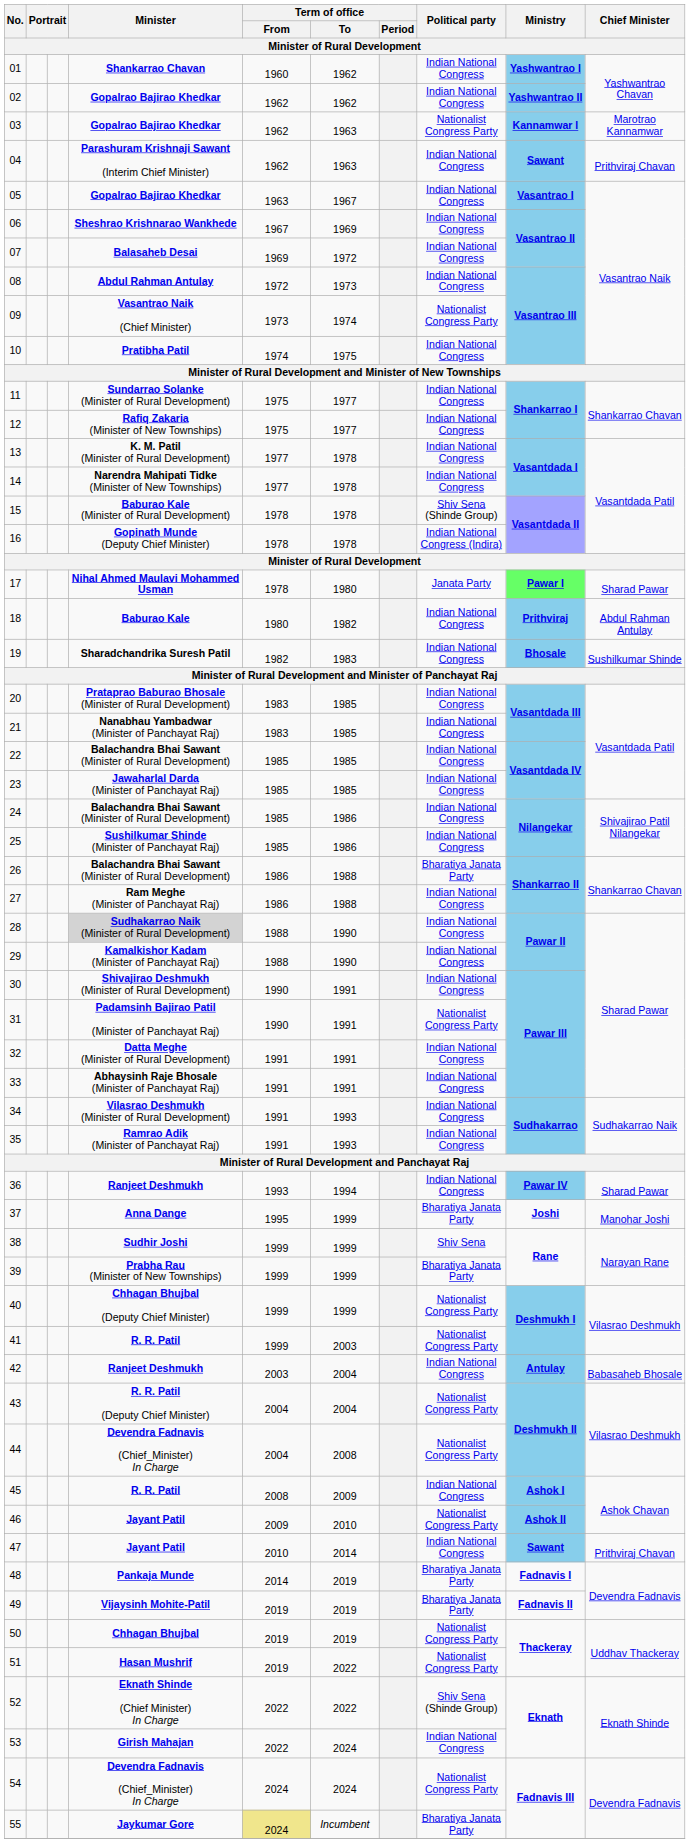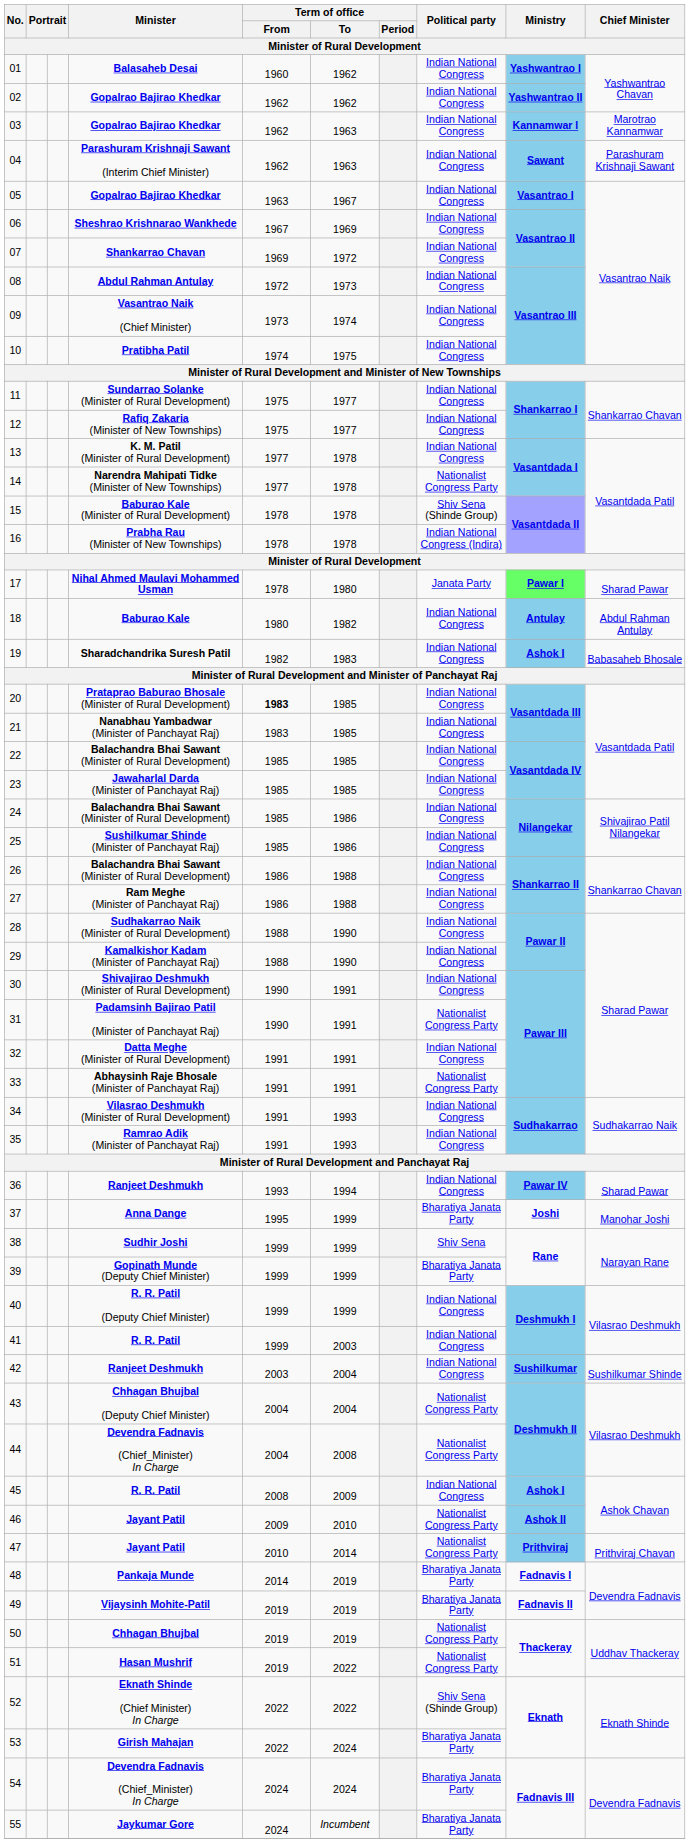 <table class="wikitable" style="text-align:center">
 <tr>
 <th rowspan="2">No.</th>
 <th rowspan="2" colspan="2">Portrait</th>
 <th rowspan="2" style="width:16em">Minister<br></th>
 <th colspan="3">Term of office</th>
 <th rowspan="2" style="width:8em">Political party</th>
 <th rowspan="2">Ministry</th>
 <th rowspan="2" style="width:9em">Chief Minister</th>
 </tr>
 <tr>
 <th style="width:6em">From</th>
 <th style="width:6em">To</th>
 <th>Period</th>
 </tr>
 <tr>
 <th colspan="10">Minister of Rural Development</th>
 </tr>
 <tr>
 <td>01</td>
 <td style="color:inherit;background:"></td>
 <td></td>
-<td><strong><a href='#'>Shankarrao Chavan</a></strong>  <br> </td>
+<td><strong><a href='#'>Balasaheb Desai</a></strong> <br> </td>
 <td><br>1960</td>
 <td><br>1962</td>
 <th></th>
 <td><a href='#'>Indian National Congress</a></td>
 <td bgcolor="#87CEEB"><a href='#'><strong>Yashwantrao I</strong></a></td>
 <td rowspan="2"> <br><a href='#'>Yashwantrao Chavan</a></td>
 </tr>
 <tr>
 <td>02</td>
 <td style="color:inherit;background:"></td>
 <td></td>
 <td><strong><a href='#'>Gopalrao Bajirao Khedkar</a></strong>   <br> </td>
 <td><br>1962</td>
 <td><br>1962</td>
 <th></th>
 <td><a href='#'>Indian National Congress</a></td>
 <td bgcolor="#87CEEB"><a href='#'><strong>Yashwantrao II</strong></a></td>
 </tr>
 <tr>
 <td>03</td>
 <td style="color:inherit;background:"></td>
 <td></td>
 <td><strong><a href='#'>Gopalrao Bajirao Khedkar</a></strong> <br> </td>
 <td><br>1962</td>
 <td><br>1963</td>
 <th></th>
-<td><a href='#'>Nationalist Congress Party</a></td>
+<td><a href='#'>Indian National Congress</a></td>
 <td bgcolor="#87CEEB"><a href='#'><strong>Kannamwar l</strong></a></td>
 <td><a href='#'>Marotrao Kannamwar</a></td>
 </tr>
 <tr>
 <td>04</td>
 <td style="color:inherit;background:"></td>
 <td></td>
 <td><strong><a href='#'>Parashuram Krishnaji Sawant</a></strong> <br>  <br>(Interim Chief Minister)</td>
 <td><br>1962</td>
 <td><br>1963</td>
 <th></th>
 <td><a href='#'>Indian National Congress</a></td>
 <td bgcolor="#87CEEB"><a href='#'><strong>Sawant</strong></a></td>
-<td rowspan="1"><br><a href='#'>Prithviraj Chavan</a></td>
+<td><a href='#'>Parashuram Krishnaji Sawant</a></td>
 </tr>
 <tr>
 <td>05</td>
 <td style="color:inherit;background:"></td>
 <td></td>
 <td><strong><a href='#'>Gopalrao Bajirao Khedkar</a></strong> <br> </td>
 <td><br>1963</td>
 <td><br>1967</td>
 <th></th>
 <td><a href='#'>Indian National Congress</a></td>
 <td bgcolor="#87CEEB"><a href='#'><strong>Vasantrao I</strong></a></td>
 <td rowspan="6"><br><a href='#'>Vasantrao Naik</a></td>
 </tr>
 <tr>
 <td>06</td>
 <td style="color:inherit;background:"></td>
 <td></td>
 <td><strong><a href='#'>Sheshrao Krishnarao Wankhede</a></strong> <br> </td>
 <td><br>1967</td>
 <td><br>1969</td>
 <th></th>
 <td><a href='#'>Indian National Congress</a></td>
 <td rowspan="2" bgcolor="#87CEEB"><a href='#'><strong>Vasantrao II</strong></a></td>
 </tr>
 <tr>
 <td>07</td>
 <td style="color:inherit;background:"></td>
 <td></td>
-<td><strong><a href='#'>Balasaheb Desai</a></strong> <br> </td>
+<td><strong><a href='#'>Shankarrao Chavan</a></strong>  <br> </td>
 <td><br>1969</td>
 <td><br>1972</td>
 <th></th>
 <td><a href='#'>Indian National Congress</a></td>
 </tr>
 <tr>
 <td>08</td>
 <td style="color:inherit;background:"></td>
 <td></td>
 <td><strong><a href='#'>Abdul Rahman Antulay</a></strong> <br> </td>
 <td><br>1972</td>
 <td><br>1973</td>
 <th></th>
 <td><a href='#'>Indian National Congress</a></td>
 <td rowspan="3" bgcolor="#87CEEB"><a href='#'><strong>Vasantrao III</strong></a></td>
 </tr>
 <tr>
 <td>09</td>
 <td style="color:inherit;background:"></td>
 <td></td>
 <td><strong><a href='#'>Vasantrao Naik</a></strong> <br>  <br>(Chief Minister)</td>
 <td><br>1973</td>
 <td><br>1974</td>
 <th></th>
-<td><a href='#'>Nationalist Congress Party</a></td>
+<td><a href='#'>Indian National Congress</a></td>
 </tr>
 <tr>
 <td>10</td>
 <td style="color:inherit;background:"></td>
 <td></td>
 <td><strong><a href='#'>Pratibha Patil</a></strong> <br> </td>
 <td><br>1974</td>
 <td><br>1975</td>
 <th></th>
 <td><a href='#'>Indian National Congress</a></td>
 </tr>
 <tr>
 <th colspan="10">Minister of Rural Development and Minister of New Townships</th>
 </tr>
 <tr>
 <td>11</td>
 <td style="color:inherit;background:"></td>
 <td></td>
 <td><strong><a href='#'>Sundarrao Solanke</a></strong><br> (Minister of Rural Development)<br> </td>
 <td><br>1975</td>
 <td><br>1977</td>
 <th></th>
 <td><a href='#'>Indian National Congress</a></td>
 <td rowspan="2" bgcolor="#87CEEB"><a href='#'><strong>Shankarrao I</strong></a></td>
 <td rowspan="2"><br><a href='#'>Shankarrao Chavan</a></td>
 </tr>
 <tr>
 <td>12</td>
 <td style="color:inherit;background:"></td>
 <td></td>
 <td><strong><a href='#'>Rafiq Zakaria</a></strong> <br> (Minister of New Townships)<br> </td>
 <td><br>1975</td>
 <td><br>1977</td>
 <th></th>
 <td><a href='#'>Indian National Congress</a></td>
 </tr>
 <tr>
 <td>13</td>
 <td style="color:inherit;background:"></td>
 <td></td>
 <td><strong>K. M. Patil</strong> <br> (Minister of Rural Development)<br> </td>
 <td><br>1977</td>
 <td><br>1978</td>
 <th></th>
 <td><a href='#'>Indian National Congress</a></td>
 <td rowspan="2" bgcolor="#88CEEB"><a href='#'><strong>Vasantdada I</strong></a></td>
 <td rowspan="4"><br><a href='#'>Vasantdada Patil</a></td>
 </tr>
 <tr>
 <td>14</td>
 <td style="color:inherit;background:"></td>
 <td></td>
 <td><strong>Narendra Mahipati Tidke</strong><br> (Minister of New Townships)<br> </td>
 <td><br>1977</td>
 <td><br>1978</td>
 <th></th>
-<td><a href='#'>Indian National Congress</a></td>
+<td><a href='#'>Nationalist Congress Party</a></td>
 </tr>
 <tr>
 <td>15</td>
 <td style="color:inherit;background:"></td>
 <td></td>
 <td><strong><a href='#'>Baburao Kale</a></strong> <br> (Minister of Rural Development)<br> </td>
 <td><br>1978</td>
 <td><br>1978</td>
 <th></th>
 <td><a href='#'>Shiv Sena</a> (Shinde Group)</td>
 <td rowspan="2" bgcolor="#A3A3FF"><a href='#'><strong>Vasantdada II</strong></a></td>
 </tr>
 <tr>
 <td>16</td>
 <td style="color:inherit;background:"></td>
 <td></td>
-<td><strong><a href='#'>Gopinath Munde</a></strong> <br>  (Deputy Chief Minister)</td>
+<td><strong><a href='#'>Prabha Rau</a></strong> <br> (Minister of New Townships)<br> </td>
 <td><br>1978</td>
 <td><br>1978</td>
 <th></th>
 <td><a href='#'>Indian National Congress (Indira)</a></td>
 </tr>
 <tr>
 <th colspan="10">Minister of Rural Development</th>
 </tr>
 <tr>
 <td>17</td>
 <td style="color:inherit;background:"></td>
 <td></td>
 <td><strong><a href='#'>Nihal Ahmed Maulavi Mohammed Usman</a></strong> <br> </td>
 <td><br>1978</td>
 <td><br>1980</td>
 <th></th>
 <td><a href='#'>Janata Party</a></td>
 <td rowspan="1" bgcolor="#66FF66"><a href='#'><strong>Pawar I</strong></a></td>
 <td rowspan="1"><br><a href='#'>Sharad Pawar</a></td>
 </tr>
 <tr>
 <td>18</td>
 <td style="color:inherit;background:"></td>
 <td></td>
 <td><strong><a href='#'>Baburao Kale</a></strong>  <br> </td>
 <td><br>1980</td>
 <td><br>1982</td>
 <th></th>
 <td><a href='#'>Indian National Congress</a></td>
-<td rowspan="1" bgcolor="#87CEEB"><a href='#'><strong>Prithviraj</strong></a></td>
+<td rowspan="1" bgcolor="#87CEEB"><a href='#'><strong>Antulay</strong></a></td>
 <td rowspan="1"> <br><a href='#'>Abdul Rahman Antulay</a></td>
 </tr>
 <tr>
 <td>19</td>
 <td style="color:inherit;background:"></td>
 <td></td>
 <td><strong>Sharadchandrika Suresh Patil</strong>  <br> </td>
 <td><br>1982</td>
 <td><br>1983</td>
 <th></th>
 <td><a href='#'>Indian National Congress</a></td>
-<td rowspan="1" bgcolor="#87CEEB"><a href='#'><strong>Bhosale</strong></a></td>
-<td rowspan="1"> <br><a href='#'>Sushilkumar Shinde</a></td>
+<td rowspan="1" bgcolor="#87CEEB"><a href='#'><strong>Ashok I</strong></a></td>
+<td rowspan="1"> <br><a href='#'>Babasaheb Bhosale</a></td>
 </tr>
 <tr>
 <th colspan="10">Minister of Rural Development and Minister of Panchayat Raj</th>
 </tr>
 <tr>
 <td>20</td>
 <td style="color:inherit;background:"></td>
 <td></td>
 <td><strong><a href='#'>Prataprao Baburao Bhosale</a></strong> <br> (Minister of Rural Development)<br> </td>
-<td><br>1983</td>
+<td><strong><br>1983</strong></td>
 <td><br>1985</td>
 <th></th>
 <td><a href='#'>Indian National Congress</a></td>
 <td rowspan="2" bgcolor="#87CEEB"><a href='#'><strong>Vasantdada III</strong></a></td>
 <td rowspan="4"><br><a href='#'>Vasantdada Patil</a></td>
 </tr>
 <tr>
 <td>21</td>
 <td style="color:inherit;background:"></td>
 <td></td>
 <td><strong>Nanabhau Yambadwar</strong> <br> (Minister of Panchayat Raj)<br> </td>
 <td><br>1983</td>
 <td><br>1985</td>
 <th></th>
 <td><a href='#'>Indian National Congress</a></td>
 </tr>
 <tr>
 <td>22</td>
 <td style="color:inherit;background:"></td>
 <td></td>
 <td><strong>Balachandra Bhai Sawant</strong> <br> (Minister of Rural Development)<br> </td>
 <td><br>1985</td>
 <td><br>1985</td>
 <th></th>
 <td><a href='#'>Indian National Congress</a></td>
 <td rowspan="2" bgcolor="#87CEEB"><a href='#'><strong>Vasantdada IV</strong></a></td>
 </tr>
 <tr>
 <td>23</td>
 <td style="color:inherit;background:"></td>
 <td></td>
 <td><strong><a href='#'>Jawaharlal Darda</a></strong>  <br>(Minister of Panchayat Raj)<br> </td>
 <td><br>1985</td>
 <td><br>1985</td>
 <th></th>
 <td><a href='#'>Indian National Congress</a></td>
 </tr>
 <tr>
 <td>24</td>
 <td style="color:inherit;background:"></td>
 <td></td>
 <td><strong>Balachandra Bhai Sawant</strong><br> (Minister of Rural Development)<br> </td>
 <td><br>1985</td>
 <td><br>1986</td>
 <th></th>
 <td><a href='#'>Indian National Congress</a></td>
 <td rowspan="2" bgcolor="#87CEEB"><a href='#'><strong>Nilangekar</strong></a></td>
 <td rowspan="2"><a href='#'>Shivajirao Patil Nilangekar</a></td>
 </tr>
 <tr>
 <td>25</td>
 <td style="color:inherit;background:"></td>
 <td></td>
 <td><strong><a href='#'>Sushilkumar Shinde</a></strong> <br>(Minister of Panchayat Raj)<br> </td>
 <td><br>1985</td>
 <td><br>1986</td>
 <th></th>
 <td><a href='#'>Indian National Congress</a></td>
 </tr>
 <tr>
 <td>26</td>
 <td style="color:inherit;background:"></td>
 <td></td>
 <td><strong>Balachandra Bhai Sawant</strong> <br> (Minister of Rural Development)<br> </td>
 <td><br>1986</td>
 <td><br>1988</td>
 <th></th>
-<td><a href='#'>Bharatiya Janata Party</a></td>
+<td><a href='#'>Indian National Congress</a></td>
 <td rowspan="2"bgcolor="#87CEEB"><a href='#'><strong>Shankarrao II</strong></a></td>
 <td rowspan="2"> <br><a href='#'>Shankarrao Chavan</a></td>
 </tr>
 <tr>
 <td>27</td>
 <td style="color:inherit;background:"></td>
 <td></td>
 <td><strong>Ram Meghe</strong><br>(Minister of Panchayat Raj)<br> </td>
 <td><br>1986</td>
 <td><br>1988</td>
 <th></th>
 <td><a href='#'>Indian National Congress</a></td>
 </tr>
 <tr>
 <td>28</td>
 <td style="color:inherit;background:"></td>
 <td></td>
-<td style="background: lightgrey;"><strong><a href='#'>Sudhakarrao Naik</a></strong><br> (Minister of Rural Development)<br> </td>
+<td><strong><a href='#'>Sudhakarrao Naik</a></strong><br> (Minister of Rural Development)<br> </td>
 <td><br>1988</td>
 <td><br>1990</td>
 <th></th>
 <td><a href='#'>Indian National Congress</a></td>
 <td rowspan="2" bgcolor="#87CEEB"><a href='#'><strong>Pawar II</strong></a></td>
 <td rowspan="6"> <br><a href='#'>Sharad Pawar</a></td>
 </tr>
 <tr>
 <td>29</td>
 <td style="color:inherit;background:"></td>
 <td></td>
 <td><strong><a href='#'>Kamalkishor Kadam</a></strong> <br> (Minister of Panchayat Raj)<br> </td>
 <td><br>1988</td>
 <td><br>1990</td>
 <th></th>
 <td><a href='#'>Indian National Congress</a></td>
 </tr>
 <tr>
 <td>30</td>
 <td style="color:inherit;background:"></td>
 <td></td>
 <td><strong><a href='#'>Shivajirao Deshmukh</a></strong><br> (Minister of Rural Development)<br> </td>
 <td><br>1990</td>
 <td><br>1991</td>
 <th></th>
 <td><a href='#'>Indian National Congress</a></td>
 <td rowspan="4" bgcolor="#87CEEB"><a href='#'><strong>Pawar III</strong></a></td>
 </tr>
 <tr>
 <td>31</td>
 <td style="color:inherit;background:"></td>
 <td></td>
 <td><strong><a href='#'>Padamsinh Bajirao Patil</a></strong> <br> <br> (Minister of Panchayat Raj)<br> </td>
 <td><br>1990</td>
 <td><br>1991</td>
 <th></th>
 <td><a href='#'>Nationalist Congress Party</a></td>
 </tr>
 <tr>
 <td>32</td>
 <td style="color:inherit;background:"></td>
 <td></td>
 <td><strong><a href='#'>Datta Meghe</a></strong> <br>(Minister of Rural Development)<br> </td>
 <td><br>1991</td>
 <td><br>1991</td>
 <th></th>
 <td><a href='#'>Indian National Congress</a></td>
 </tr>
 <tr>
 <td>33</td>
 <td style="color:inherit;background:"></td>
 <td></td>
 <td><strong>Abhaysinh Raje Bhosale</strong> <br>(Minister of Panchayat Raj)<br> </td>
 <td><br>1991</td>
 <td><br>1991</td>
 <th></th>
-<td><a href='#'>Indian National Congress</a></td>
+<td><a href='#'>Nationalist Congress Party</a></td>
 </tr>
 <tr>
 <td>34</td>
 <td style="color:inherit;background:"></td>
 <td></td>
 <td><strong><a href='#'>Vilasrao Deshmukh</a></strong><br>(Minister of Rural Development)<br> </td>
 <td><br>1991</td>
 <td><br>1993</td>
 <th></th>
 <td><a href='#'>Indian National Congress</a></td>
 <td rowspan="2" bgcolor="#87CEEB"><a href='#'><strong>Sudhakarrao</strong></a></td>
 <td rowspan="2"><a href='#'>Sudhakarrao Naik</a></td>
 </tr>
 <tr>
 <td>35</td>
 <td style="color:inherit;background:"></td>
 <td></td>
 <td><strong><a href='#'>Ramrao Adik</a></strong> <br>(Minister of Panchayat Raj)<br> </td>
 <td><br>1991</td>
 <td><br>1993</td>
 <th></th>
 <td><a href='#'>Indian National Congress</a></td>
 </tr>
 <tr>
 <th colspan="10">Minister of Rural Development and Panchayat Raj</th>
 </tr>
 <tr>
 <td>36</td>
 <td style="color:inherit;background:"></td>
 <td></td>
 <td><strong><a href='#'>Ranjeet Deshmukh</a></strong><br> </td>
 <td><br>1993</td>
 <td><br>1994</td>
 <th></th>
 <td><a href='#'>Indian National Congress</a></td>
 <td rowspan="1" bgcolor="#87CEEB"><a href='#'><strong>Pawar IV</strong></a></td>
 <td rowspan="1"> <br><a href='#'>Sharad Pawar</a></td>
 </tr>
 <tr>
 <td>37</td>
 <td style="color:inherit;background:"></td>
 <td></td>
 <td><strong><a href='#'>Anna Dange</a></strong> <br> </td>
 <td><br>1995</td>
 <td><br>1999</td>
 <th></th>
 <td><a href='#'>Bharatiya Janata Party</a></td>
 <td rowspan="1"><a href='#'><strong>Joshi</strong></a></td>
 <td rowspan="1"> <br><a href='#'>Manohar Joshi</a></td>
 </tr>
 <tr>
 <td>38</td>
 <td style="color:inherit;background:"></td>
 <td></td>
 <td><strong><a href='#'>Sudhir Joshi</a></strong> <br> </td>
 <td><br>1999</td>
 <td><br>1999</td>
 <th></th>
 <td><a href='#'>Shiv Sena</a></td>
 <td rowspan="2"><a href='#'><strong>Rane</strong></a></td>
 <td rowspan="2"> <br><a href='#'>Narayan Rane</a></td>
 </tr>
 <tr>
 <td>39</td>
 <td style="color:inherit;background:"></td>
 <td></td>
-<td><strong><a href='#'>Prabha Rau</a></strong> <br> (Minister of New Townships)<br> </td>
+<td><strong><a href='#'>Gopinath Munde</a></strong> <br>  (Deputy Chief Minister)</td>
 <td><br>1999</td>
 <td><br>1999</td>
 <th></th>
 <td><a href='#'>Bharatiya Janata Party</a></td>
 </tr>
 <tr>
 <td>40</td>
 <td style="color:inherit;background:"></td>
 <td></td>
-<td><strong><a href='#'>Chhagan Bhujbal</a></strong><br> <br>(Deputy Chief Minister)</td>
+<td><strong><a href='#'>R. R. Patil</a></strong> <br> <br>(Deputy Chief Minister)</td>
 <td><br>1999</td>
 <td><br>1999</td>
 <th></th>
-<td><a href='#'>Nationalist Congress Party</a></td>
+<td><a href='#'>Indian National Congress</a></td>
 <td rowspan="2" bgcolor="#87CEEB"><a href='#'><strong>Deshmukh I</strong></a></td>
 <td rowspan="2"> <br><a href='#'>Vilasrao Deshmukh</a></td>
 </tr>
 <tr>
 <td>41</td>
 <td style="color:inherit;background:"></td>
 <td></td>
 <td><strong><a href='#'>R. R. Patil</a></strong> <br> </td>
 <td><br>1999</td>
 <td><br>2003</td>
 <th></th>
-<td><a href='#'>Nationalist Congress Party</a></td>
+<td><a href='#'>Indian National Congress</a></td>
 </tr>
 <tr>
 <td>42</td>
 <td style="color:inherit;background:"></td>
 <td></td>
 <td><strong><a href='#'>Ranjeet Deshmukh</a></strong><br> </td>
 <td><br>2003</td>
 <td><br>2004</td>
 <th></th>
 <td><a href='#'>Indian National Congress</a></td>
-<td rowspan="1" bgcolor="#87CEEB"><a href='#'><strong>Antulay</strong></a></td>
-<td rowspan="1"> <br><a href='#'>Babasaheb Bhosale</a></td>
+<td rowspan="1" bgcolor="#87CEEB"><a href='#'><strong>Sushilkumar</strong></a></td>
+<td rowspan="1"> <br><a href='#'>Sushilkumar Shinde</a></td>
 </tr>
 <tr>
 <td>43</td>
 <td style="color:inherit;background:"></td>
 <td></td>
-<td><strong><a href='#'>R. R. Patil</a></strong> <br> <br>(Deputy Chief Minister)</td>
+<td><strong><a href='#'>Chhagan Bhujbal</a></strong><br> <br>(Deputy Chief Minister)</td>
 <td><br>2004</td>
 <td><br>2004</td>
 <th></th>
 <td><a href='#'>Nationalist Congress Party</a></td>
 <td rowspan="2" bgcolor="#87CEEB"><a href='#'><strong>Deshmukh II</strong></a></td>
 <td rowspan="2"> <br><a href='#'>Vilasrao Deshmukh</a></td>
 </tr>
 <tr>
 <td>44</td>
 <td style="color:inherit;background:"></td>
 <td></td>
 <td><strong><a href='#'>Devendra Fadnavis</a></strong>  <br> <br>(Chief_Minister) <br><em>In Charge</em></td>
 <td><br>2004</td>
 <td><br>2008</td>
 <th></th>
 <td><a href='#'>Nationalist Congress Party</a></td>
 </tr>
 <tr>
 <td>45</td>
 <td style="color:inherit;background:"></td>
 <td></td>
 <td><strong><a href='#'>R. R. Patil</a></strong>  <br> </td>
 <td><br>2008</td>
 <td><br>2009</td>
 <th></th>
 <td><a href='#'>Indian National Congress</a></td>
 <td rowspan="1" bgcolor="#87CEEB"><a href='#'><strong>Ashok I</strong></a></td>
 <td rowspan="2"><br><a href='#'>Ashok Chavan</a></td>
 </tr>
 <tr>
 <td>46</td>
 <td style="color:inherit;background:"></td>
 <td></td>
 <td><strong><a href='#'>Jayant Patil</a></strong> <br> </td>
 <td><br>2009</td>
 <td><br>2010</td>
 <th></th>
 <td><a href='#'>Nationalist Congress Party</a></td>
 <td rowspan="1"bgcolor="#87CEEB"><a href='#'><strong>Ashok II</strong></a></td>
 </tr>
 <tr>
 <td>47</td>
 <td style="color:inherit;background:"></td>
 <td></td>
 <td><strong><a href='#'>Jayant Patil</a></strong> <br> </td>
 <td><br>2010</td>
 <td><br>2014</td>
 <th></th>
-<td><a href='#'>Indian National Congress</a></td>
-<td bgcolor="#87CEEB"><a href='#'><strong>Sawant</strong></a></td>
+<td><a href='#'>Nationalist Congress Party</a></td>
+<td rowspan="1" bgcolor="#87CEEB"><a href='#'><strong>Prithviraj</strong></a></td>
 <td rowspan="1"><br><a href='#'>Prithviraj Chavan</a></td>
 </tr>
 <tr>
 <td>48</td>
 <td style="color:inherit;background:"></td>
 <td></td>
 <td><strong><a href='#'>Pankaja Munde</a></strong> <br> </td>
 <td><br>2014</td>
 <td><br>2019</td>
 <th></th>
 <td rowspan="1"><a href='#'>Bharatiya Janata Party</a></td>
 <td rowspan="1"><a href='#'><strong>Fadnavis I</strong></a></td>
 <td rowspan="2"> <br><a href='#'>Devendra Fadnavis</a></td>
 </tr>
 <tr>
 <td>49</td>
 <td style="color:inherit;background:"></td>
 <td></td>
 <td><strong><a href='#'>Vijaysinh Mohite-Patil</a></strong> <br> </td>
 <td><br>2019</td>
 <td><br>2019</td>
 <th></th>
 <td><a href='#'>Bharatiya Janata Party</a></td>
 <td rowspan="1"><a href='#'><strong>Fadnavis II</strong></a></td>
 </tr>
 <tr>
 <td>50</td>
 <td style="color:inherit;background:"></td>
 <td></td>
 <td><strong><a href='#'>Chhagan Bhujbal</a></strong> <br> </td>
 <td><br>2019</td>
 <td><br>2019</td>
 <th></th>
 <td><a href='#'>Nationalist Congress Party</a></td>
 <td rowspan="2"><a href='#'><strong>Thackeray</strong></a></td>
 <td rowspan="2"> <br><a href='#'>Uddhav Thackeray</a></td>
 </tr>
 <tr>
 <td>51</td>
 <td style="color:inherit;background:"></td>
 <td></td>
 <td><strong><a href='#'>Hasan Mushrif</a></strong>  <br> </td>
 <td><br>2019</td>
 <td><br>2022</td>
 <th></th>
 <td><a href='#'>Nationalist Congress Party</a></td>
 </tr>
 <tr>
 <td>52</td>
 <td style="color:inherit;background:"></td>
 <td></td>
 <td><strong><a href='#'>Eknath Shinde</a></strong> <br>  <br>(Chief Minister)<br><em>In Charge</em></td>
 <td><br>2022</td>
 <td><br>2022</td>
 <th></th>
 <td><a href='#'>Shiv Sena</a> (Shinde Group)</td>
 <td rowspan="2"><a href='#'><strong>Eknath</strong></a></td>
 <td rowspan="2"> <br><a href='#'>Eknath Shinde</a></td>
 </tr>
 <tr>
 <td>53</td>
 <td style="color:inherit;background:"></td>
 <td></td>
 <td><strong><a href='#'>Girish Mahajan</a></strong> <br> </td>
 <td><br>2022</td>
 <td><br>2024</td>
 <th></th>
-<td><a href='#'>Indian National Congress</a></td>
+<td><a href='#'>Bharatiya Janata Party</a></td>
 </tr>
 <tr>
 <td>54</td>
 <td style="color:inherit;background:"></td>
 <td></td>
 <td><strong><a href='#'>Devendra Fadnavis</a></strong>  <br> <br>(Chief_Minister) <br><em>In Charge</em></td>
 <td><br>2024</td>
 <td><br>2024</td>
 <th></th>
-<td><a href='#'>Nationalist Congress Party</a></td>
+<td><a href='#'>Bharatiya Janata Party</a></td>
 <td rowspan="2"><a href='#'><strong>Fadnavis III</strong></a></td>
 <td rowspan="2"> <br><a href='#'>Devendra Fadnavis</a></td>
 </tr>
 <tr>
 <td>55</td>
 <td style="color:inherit;background:"></td>
 <td></td>
 <td><strong><a href='#'>Jaykumar Gore</a></strong> <br> </td>
-<td style="background: khaki;"><br>2024</td>
+<td><br>2024</td>
 <td><em>Incumbent</em></td>
 <th></th>
 <td><a href='#'>Bharatiya Janata Party</a></td>
 </tr>
 <tr>
 </tr>
 </table>
